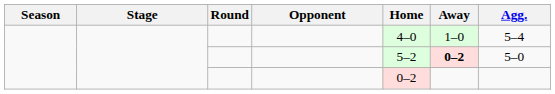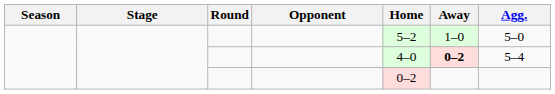 <table class="wikitable" style="font-size:100%; text-align: center;">
 <tr>
 <th width="80">Season</th>
 <th width="150">Stage</th>
 <th>Round</th>
 <th width="150">Opponent</th>
 <th width="50">Home</th>
 <th width="50">Away</th>
 <th width="80"><a href='#'>Agg.</a></th>
 </tr>
 <tr>
 <td rowspan=3></td>
 <td rowspan=3></td>
 <td></td>
 <td align="left"></td>
-<td bgcolor="#ddffdd">4–0</td>
+<td bgcolor="#ddffdd">5–2</td>
 <td bgcolor="#ddffdd">1–0</td>
-<td>5–4</td>
+<td>5–0</td>
 </tr>
 <tr>
 <td></td>
 <td align="left"></td>
-<td bgcolor="#ddffdd">5–2</td>
+<td bgcolor="#ddffdd">4–0</td>
 <td bgcolor="#ffdddd"><strong>0–2</strong></td>
-<td>5–0</td>
+<td>5–4</td>
 </tr>
 <tr>
 <td></td>
 <td align="left"></td>
 <td bgcolor="#ffdddd">0–2</td>
 <td></td>
 <td></td>
 </tr>
 </table>
